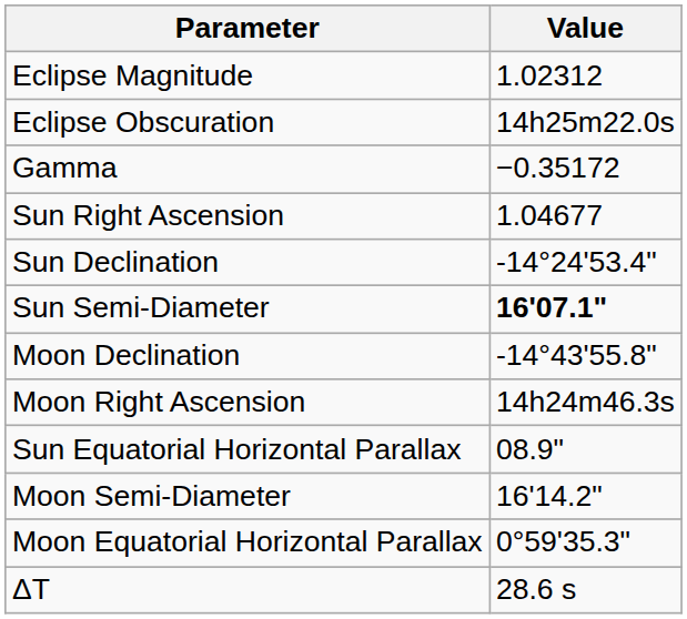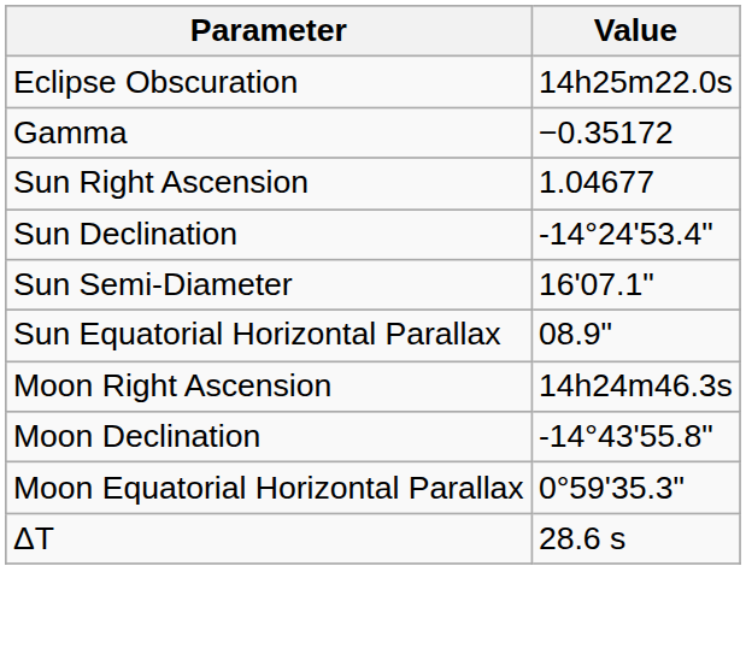 <table class="wikitable">
 <tr>
 <th>Parameter</th>
 <th>Value</th>
-</tr>
-<tr>
-<td>Eclipse Magnitude</td>
-<td>1.02312</td>
 </tr>
 <tr>
 <td>Eclipse Obscuration</td>
 <td>14h25m22.0s</td>
 </tr>
 <tr>
 <td>Gamma</td>
 <td>−0.35172</td>
 </tr>
 <tr>
 <td>Sun Right Ascension</td>
 <td>1.04677</td>
 </tr>
 <tr>
 <td>Sun Declination</td>
 <td>-14°24'53.4"</td>
 </tr>
 <tr>
 <td>Sun Semi-Diameter</td>
-<td><strong>16'07.1"</strong></td>
+<td>16'07.1"</td>
 </tr>
 <tr>
-<td>Moon Declination</td>
-<td>-14°43'55.8"</td>
+<td>Sun Equatorial Horizontal Parallax</td>
+<td>08.9"</td>
 </tr>
 <tr>
 <td>Moon Right Ascension</td>
 <td>14h24m46.3s</td>
 </tr>
 <tr>
-<td>Sun Equatorial Horizontal Parallax</td>
-<td>08.9"</td>
-</tr>
-<tr>
-<td>Moon Semi-Diameter</td>
-<td>16'14.2"</td>
+<td>Moon Declination</td>
+<td>-14°43'55.8"</td>
 </tr>
 <tr>
 <td>Moon Equatorial Horizontal Parallax</td>
 <td>0°59'35.3"</td>
 </tr>
 <tr>
 <td>ΔT</td>
 <td>28.6 s</td>
 </tr>
 </table>
